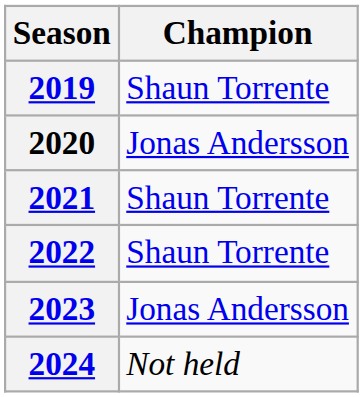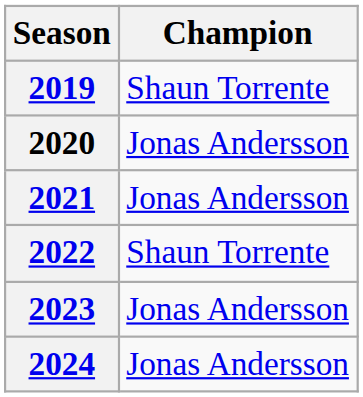 <table class="wikitable" style="font-size: 95%; display:inline-table;">
 <tr>
 <th>Season</th>
 <th>Champion</th>
 </tr>
 <tr>
 <th><a href='#'>2019</a></th>
 <td> <a href='#'>Shaun Torrente</a></td>
 </tr>
 <tr>
 <th>2020</th>
 <td> <a href='#'>Jonas Andersson</a></td>
 </tr>
 <tr>
 <th><a href='#'>2021</a></th>
-<td> <a href='#'>Shaun Torrente</a></td>
+<td> <a href='#'>Jonas Andersson</a></td>
 </tr>
 <tr>
 <th><a href='#'>2022</a></th>
 <td> <a href='#'>Shaun Torrente</a></td>
 </tr>
 <tr>
 <th><a href='#'>2023</a></th>
 <td> <a href='#'>Jonas Andersson</a></td>
 </tr>
 <tr>
 <th><a href='#'>2024</a></th>
-<td><em>Not held</em></td>
+<td> <a href='#'>Jonas Andersson</a></td>
 </tr>
 </table>
